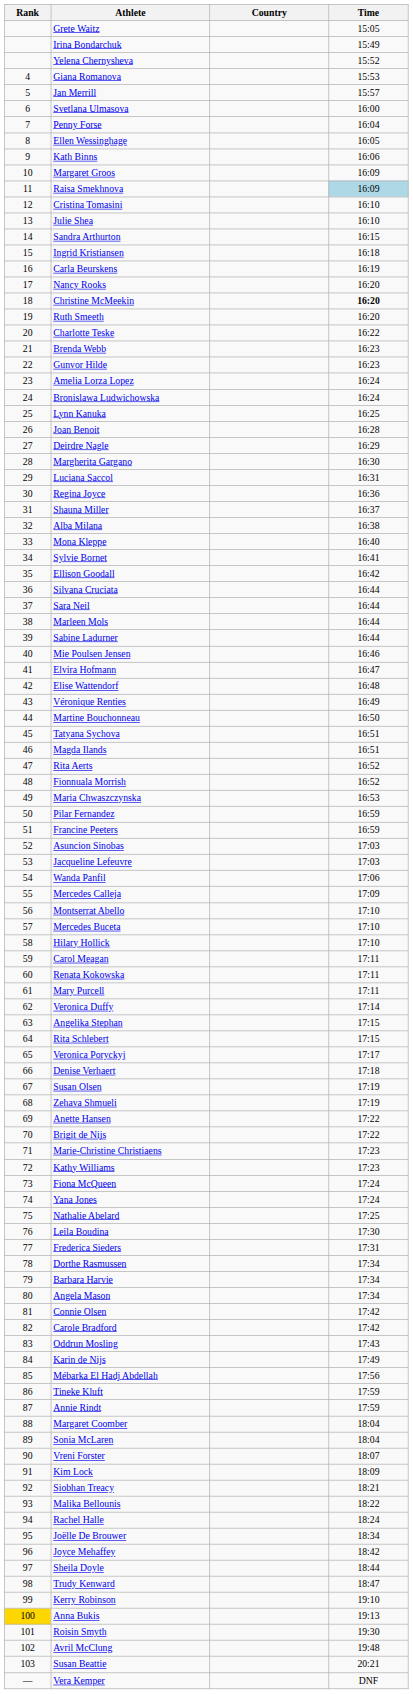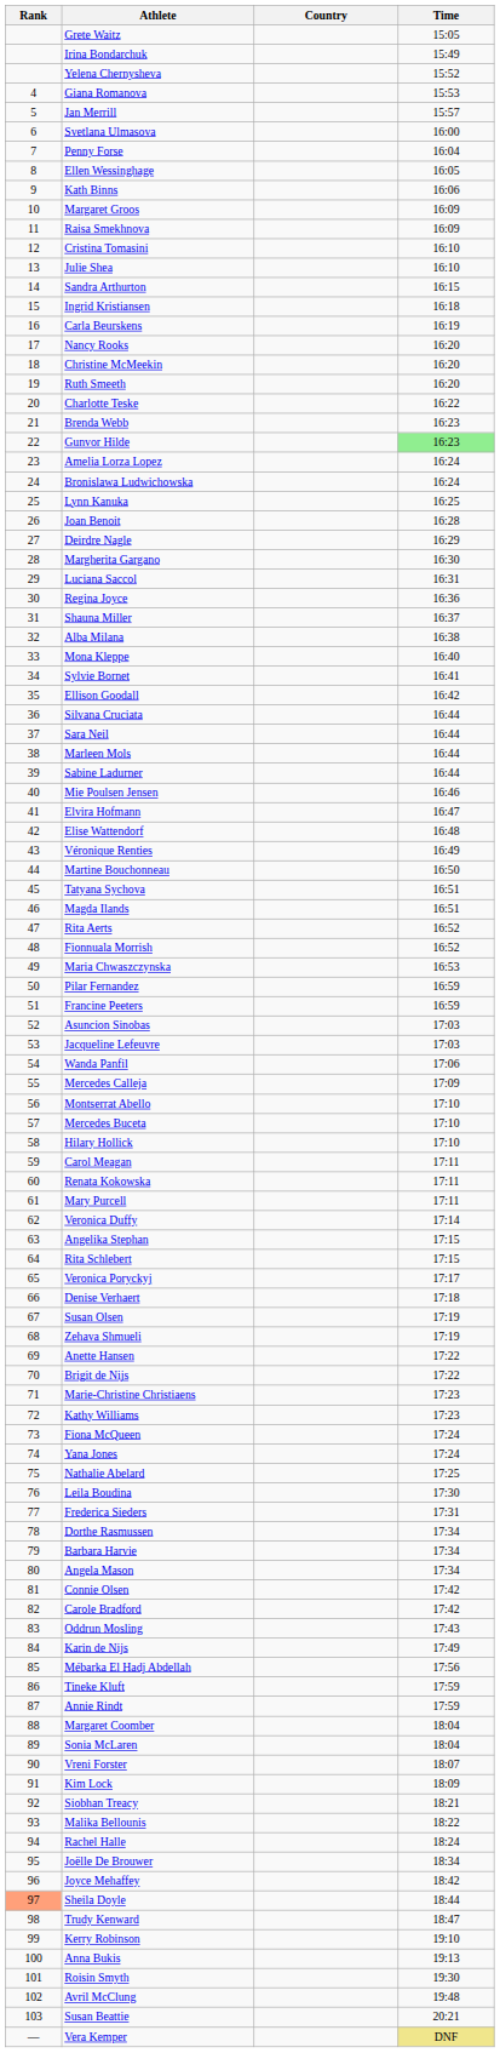 <table class="wikitable sortable" style=" text-align:center; font-size:95%;" width="50%">
 <tr>
 <th width=5%>Rank</th>
 <th width=20%>Athlete</th>
 <th width=15%>Country</th>
 <th width=10%>Time</th>
 </tr>
 <tr>
 <td align=center></td>
 <td align=left><a href='#'>Grete Waitz</a></td>
 <td align=left></td>
 <td>15:05</td>
 </tr>
 <tr>
 <td align=center></td>
 <td align=left><a href='#'>Irina Bondarchuk</a></td>
 <td align=left></td>
 <td>15:49</td>
 </tr>
 <tr>
 <td align=center></td>
 <td align=left><a href='#'>Yelena Chernysheva</a></td>
 <td align=left></td>
 <td>15:52</td>
 </tr>
 <tr>
 <td align=center>4</td>
 <td align=left><a href='#'>Giana Romanova</a></td>
 <td align=left></td>
 <td>15:53</td>
 </tr>
 <tr>
 <td align=center>5</td>
 <td align=left><a href='#'>Jan Merrill</a></td>
 <td align=left></td>
 <td>15:57</td>
 </tr>
 <tr>
 <td align=center>6</td>
 <td align=left><a href='#'>Svetlana Ulmasova</a></td>
 <td align=left></td>
 <td>16:00</td>
 </tr>
 <tr>
 <td align=center>7</td>
 <td align=left><a href='#'>Penny Forse</a></td>
 <td align=left></td>
 <td>16:04</td>
 </tr>
 <tr>
 <td align=center>8</td>
 <td align=left><a href='#'>Ellen Wessinghage</a></td>
 <td align=left></td>
 <td>16:05</td>
 </tr>
 <tr>
 <td align=center>9</td>
 <td align=left><a href='#'>Kath Binns</a></td>
 <td align=left></td>
 <td>16:06</td>
 </tr>
 <tr>
 <td align=center>10</td>
 <td align=left><a href='#'>Margaret Groos</a></td>
 <td align=left></td>
 <td>16:09</td>
 </tr>
 <tr>
 <td align=center>11</td>
 <td align=left><a href='#'>Raisa Smekhnova</a></td>
 <td align=left></td>
-<td style="background: lightblue;">16:09</td>
+<td>16:09</td>
 </tr>
 <tr>
 <td align=center>12</td>
 <td align=left><a href='#'>Cristina Tomasini</a></td>
 <td align=left></td>
 <td>16:10</td>
 </tr>
 <tr>
 <td align=center>13</td>
 <td align=left><a href='#'>Julie Shea</a></td>
 <td align=left></td>
 <td>16:10</td>
 </tr>
 <tr>
 <td align=center>14</td>
 <td align=left><a href='#'>Sandra Arthurton</a></td>
 <td align=left></td>
 <td>16:15</td>
 </tr>
 <tr>
 <td align=center>15</td>
 <td align=left><a href='#'>Ingrid Kristiansen</a></td>
 <td align=left></td>
 <td>16:18</td>
 </tr>
 <tr>
 <td align=center>16</td>
 <td align=left><a href='#'>Carla Beurskens</a></td>
 <td align=left></td>
 <td>16:19</td>
 </tr>
 <tr>
 <td align=center>17</td>
 <td align=left><a href='#'>Nancy Rooks</a></td>
 <td align=left></td>
 <td>16:20</td>
 </tr>
 <tr>
 <td align=center>18</td>
 <td align=left><a href='#'>Christine McMeekin</a></td>
 <td align=left></td>
-<td><strong>16:20</strong></td>
+<td>16:20</td>
 </tr>
 <tr>
 <td align=center>19</td>
 <td align=left><a href='#'>Ruth Smeeth</a></td>
 <td align=left></td>
 <td>16:20</td>
 </tr>
 <tr>
 <td align=center>20</td>
 <td align=left><a href='#'>Charlotte Teske</a></td>
 <td align=left></td>
 <td>16:22</td>
 </tr>
 <tr>
 <td align=center>21</td>
 <td align=left><a href='#'>Brenda Webb</a></td>
 <td align=left></td>
 <td>16:23</td>
 </tr>
 <tr>
 <td align=center>22</td>
 <td align=left><a href='#'>Gunvor Hilde</a></td>
 <td align=left></td>
-<td>16:23</td>
+<td style="background: lightgreen;">16:23</td>
 </tr>
 <tr>
 <td align=center>23</td>
 <td align=left><a href='#'>Amelia Lorza Lopez</a></td>
 <td align=left></td>
 <td>16:24</td>
 </tr>
 <tr>
 <td align=center>24</td>
 <td align=left><a href='#'>Bronislawa Ludwichowska</a></td>
 <td align=left></td>
 <td>16:24</td>
 </tr>
 <tr>
 <td align=center>25</td>
 <td align=left><a href='#'>Lynn Kanuka</a></td>
 <td align=left></td>
 <td>16:25</td>
 </tr>
 <tr>
 <td align=center>26</td>
 <td align=left><a href='#'>Joan Benoit</a></td>
 <td align=left></td>
 <td>16:28</td>
 </tr>
 <tr>
 <td align=center>27</td>
 <td align=left><a href='#'>Deirdre Nagle</a></td>
 <td align=left></td>
 <td>16:29</td>
 </tr>
 <tr>
 <td align=center>28</td>
 <td align=left><a href='#'>Margherita Gargano</a></td>
 <td align=left></td>
 <td>16:30</td>
 </tr>
 <tr>
 <td align=center>29</td>
 <td align=left><a href='#'>Luciana Saccol</a></td>
 <td align=left></td>
 <td>16:31</td>
 </tr>
 <tr>
 <td align=center>30</td>
 <td align=left><a href='#'>Regina Joyce</a></td>
 <td align=left></td>
 <td>16:36</td>
 </tr>
 <tr>
 <td align=center>31</td>
 <td align=left><a href='#'>Shauna Miller</a></td>
 <td align=left></td>
 <td>16:37</td>
 </tr>
 <tr>
 <td align=center>32</td>
 <td align=left><a href='#'>Alba Milana</a></td>
 <td align=left></td>
 <td>16:38</td>
 </tr>
 <tr>
 <td align=center>33</td>
 <td align=left><a href='#'>Mona Kleppe</a></td>
 <td align=left></td>
 <td>16:40</td>
 </tr>
 <tr>
 <td align=center>34</td>
 <td align=left><a href='#'>Sylvie Bornet</a></td>
 <td align=left></td>
 <td>16:41</td>
 </tr>
 <tr>
 <td align=center>35</td>
 <td align=left><a href='#'>Ellison Goodall</a></td>
 <td align=left></td>
 <td>16:42</td>
 </tr>
 <tr>
 <td align=center>36</td>
 <td align=left><a href='#'>Silvana Cruciata</a></td>
 <td align=left></td>
 <td>16:44</td>
 </tr>
 <tr>
 <td align=center>37</td>
 <td align=left><a href='#'>Sara Neil</a></td>
 <td align=left></td>
 <td>16:44</td>
 </tr>
 <tr>
 <td align=center>38</td>
 <td align=left><a href='#'>Marleen Mols</a></td>
 <td align=left></td>
 <td>16:44</td>
 </tr>
 <tr>
 <td align=center>39</td>
 <td align=left><a href='#'>Sabine Ladurner</a></td>
 <td align=left></td>
 <td>16:44</td>
 </tr>
 <tr>
 <td align=center>40</td>
 <td align=left><a href='#'>Mie Poulsen Jensen</a></td>
 <td align=left></td>
 <td>16:46</td>
 </tr>
 <tr>
 <td align=center>41</td>
 <td align=left><a href='#'>Elvira Hofmann</a></td>
 <td align=left></td>
 <td>16:47</td>
 </tr>
 <tr>
 <td align=center>42</td>
 <td align=left><a href='#'>Elise Wattendorf</a></td>
 <td align=left></td>
 <td>16:48</td>
 </tr>
 <tr>
 <td align=center>43</td>
 <td align=left><a href='#'>Véronique Renties</a></td>
 <td align=left></td>
 <td>16:49</td>
 </tr>
 <tr>
 <td align=center>44</td>
 <td align=left><a href='#'>Martine Bouchonneau</a></td>
 <td align=left></td>
 <td>16:50</td>
 </tr>
 <tr>
 <td align=center>45</td>
 <td align=left><a href='#'>Tatyana Sychova</a></td>
 <td align=left></td>
 <td>16:51</td>
 </tr>
 <tr>
 <td align=center>46</td>
 <td align=left><a href='#'>Magda Ilands</a></td>
 <td align=left></td>
 <td>16:51</td>
 </tr>
 <tr>
 <td align=center>47</td>
 <td align=left><a href='#'>Rita Aerts</a></td>
 <td align=left></td>
 <td>16:52</td>
 </tr>
 <tr>
 <td align=center>48</td>
 <td align=left><a href='#'>Fionnuala Morrish</a></td>
 <td align=left></td>
 <td>16:52</td>
 </tr>
 <tr>
 <td align=center>49</td>
 <td align=left><a href='#'>Maria Chwaszczynska</a></td>
 <td align=left></td>
 <td>16:53</td>
 </tr>
 <tr>
 <td align=center>50</td>
 <td align=left><a href='#'>Pilar Fernandez</a></td>
 <td align=left></td>
 <td>16:59</td>
 </tr>
 <tr>
 <td align=center>51</td>
 <td align=left><a href='#'>Francine Peeters</a></td>
 <td align=left></td>
 <td>16:59</td>
 </tr>
 <tr>
 <td align=center>52</td>
 <td align=left><a href='#'>Asuncion Sinobas</a></td>
 <td align=left></td>
 <td>17:03</td>
 </tr>
 <tr>
 <td align=center>53</td>
 <td align=left><a href='#'>Jacqueline Lefeuvre</a></td>
 <td align=left></td>
 <td>17:03</td>
 </tr>
 <tr>
 <td align=center>54</td>
 <td align=left><a href='#'>Wanda Panfil</a></td>
 <td align=left></td>
 <td>17:06</td>
 </tr>
 <tr>
 <td align=center>55</td>
 <td align=left><a href='#'>Mercedes Calleja</a></td>
 <td align=left></td>
 <td>17:09</td>
 </tr>
 <tr>
 <td align=center>56</td>
 <td align=left><a href='#'>Montserrat Abello</a></td>
 <td align=left></td>
 <td>17:10</td>
 </tr>
 <tr>
 <td align=center>57</td>
 <td align=left><a href='#'>Mercedes Buceta</a></td>
 <td align=left></td>
 <td>17:10</td>
 </tr>
 <tr>
 <td align=center>58</td>
 <td align=left><a href='#'>Hilary Hollick</a></td>
 <td align=left></td>
 <td>17:10</td>
 </tr>
 <tr>
 <td align=center>59</td>
 <td align=left><a href='#'>Carol Meagan</a></td>
 <td align=left></td>
 <td>17:11</td>
 </tr>
 <tr>
 <td align=center>60</td>
 <td align=left><a href='#'>Renata Kokowska</a></td>
 <td align=left></td>
 <td>17:11</td>
 </tr>
 <tr>
 <td align=center>61</td>
 <td align=left><a href='#'>Mary Purcell</a></td>
 <td align=left></td>
 <td>17:11</td>
 </tr>
 <tr>
 <td align=center>62</td>
 <td align=left><a href='#'>Veronica Duffy</a></td>
 <td align=left></td>
 <td>17:14</td>
 </tr>
 <tr>
 <td align=center>63</td>
 <td align=left><a href='#'>Angelika Stephan</a></td>
 <td align=left></td>
 <td>17:15</td>
 </tr>
 <tr>
 <td align=center>64</td>
 <td align=left><a href='#'>Rita Schlebert</a></td>
 <td align=left></td>
 <td>17:15</td>
 </tr>
 <tr>
 <td align=center>65</td>
 <td align=left><a href='#'>Veronica Poryckyj</a></td>
 <td align=left></td>
 <td>17:17</td>
 </tr>
 <tr>
 <td align=center>66</td>
 <td align=left><a href='#'>Denise Verhaert</a></td>
 <td align=left></td>
 <td>17:18</td>
 </tr>
 <tr>
 <td align=center>67</td>
 <td align=left><a href='#'>Susan Olsen</a></td>
 <td align=left></td>
 <td>17:19</td>
 </tr>
 <tr>
 <td align=center>68</td>
 <td align=left><a href='#'>Zehava Shmueli</a></td>
 <td align=left></td>
 <td>17:19</td>
 </tr>
 <tr>
 <td align=center>69</td>
 <td align=left><a href='#'>Anette Hansen</a></td>
 <td align=left></td>
 <td>17:22</td>
 </tr>
 <tr>
 <td align=center>70</td>
 <td align=left><a href='#'>Brigit de Nijs</a></td>
 <td align=left></td>
 <td>17:22</td>
 </tr>
 <tr>
 <td align=center>71</td>
 <td align=left><a href='#'>Marie-Christine Christiaens</a></td>
 <td align=left></td>
 <td>17:23</td>
 </tr>
 <tr>
 <td align=center>72</td>
 <td align=left><a href='#'>Kathy Williams</a></td>
 <td align=left></td>
 <td>17:23</td>
 </tr>
 <tr>
 <td align=center>73</td>
 <td align=left><a href='#'>Fiona McQueen</a></td>
 <td align=left></td>
 <td>17:24</td>
 </tr>
 <tr>
 <td align=center>74</td>
 <td align=left><a href='#'>Yana Jones</a></td>
 <td align=left></td>
 <td>17:24</td>
 </tr>
 <tr>
 <td align=center>75</td>
 <td align=left><a href='#'>Nathalie Abelard</a></td>
 <td align=left></td>
 <td>17:25</td>
 </tr>
 <tr>
 <td align=center>76</td>
 <td align=left><a href='#'>Leila Boudina</a></td>
 <td align=left></td>
 <td>17:30</td>
 </tr>
 <tr>
 <td align=center>77</td>
 <td align=left><a href='#'>Frederica Sieders</a></td>
 <td align=left></td>
 <td>17:31</td>
 </tr>
 <tr>
 <td align=center>78</td>
 <td align=left><a href='#'>Dorthe Rasmussen</a></td>
 <td align=left></td>
 <td>17:34</td>
 </tr>
 <tr>
 <td align=center>79</td>
 <td align=left><a href='#'>Barbara Harvie</a></td>
 <td align=left></td>
 <td>17:34</td>
 </tr>
 <tr>
 <td align=center>80</td>
 <td align=left><a href='#'>Angela Mason</a></td>
 <td align=left></td>
 <td>17:34</td>
 </tr>
 <tr>
 <td align=center>81</td>
 <td align=left><a href='#'>Connie Olsen</a></td>
 <td align=left></td>
 <td>17:42</td>
 </tr>
 <tr>
 <td align=center>82</td>
 <td align=left><a href='#'>Carole Bradford</a></td>
 <td align=left></td>
 <td>17:42</td>
 </tr>
 <tr>
 <td align=center>83</td>
 <td align=left><a href='#'>Oddrun Mosling</a></td>
 <td align=left></td>
 <td>17:43</td>
 </tr>
 <tr>
 <td align=center>84</td>
 <td align=left><a href='#'>Karin de Nijs</a></td>
 <td align=left></td>
 <td>17:49</td>
 </tr>
 <tr>
 <td align=center>85</td>
 <td align=left><a href='#'>Mébarka El Hadj Abdellah</a></td>
 <td align=left></td>
 <td>17:56</td>
 </tr>
 <tr>
 <td align=center>86</td>
 <td align=left><a href='#'>Tineke Kluft</a></td>
 <td align=left></td>
 <td>17:59</td>
 </tr>
 <tr>
 <td align=center>87</td>
 <td align=left><a href='#'>Annie Rindt</a></td>
 <td align=left></td>
 <td>17:59</td>
 </tr>
 <tr>
 <td align=center>88</td>
 <td align=left><a href='#'>Margaret Coomber</a></td>
 <td align=left></td>
 <td>18:04</td>
 </tr>
 <tr>
 <td align=center>89</td>
 <td align=left><a href='#'>Sonia McLaren</a></td>
 <td align=left></td>
 <td>18:04</td>
 </tr>
 <tr>
 <td align=center>90</td>
 <td align=left><a href='#'>Vreni Forster</a></td>
 <td align=left></td>
 <td>18:07</td>
 </tr>
 <tr>
 <td align=center>91</td>
 <td align=left><a href='#'>Kim Lock</a></td>
 <td align=left></td>
 <td>18:09</td>
 </tr>
 <tr>
 <td align=center>92</td>
 <td align=left><a href='#'>Siobhan Treacy</a></td>
 <td align=left></td>
 <td>18:21</td>
 </tr>
 <tr>
 <td align=center>93</td>
 <td align=left><a href='#'>Malika Bellounis</a></td>
 <td align=left></td>
 <td>18:22</td>
 </tr>
 <tr>
 <td align=center>94</td>
 <td align=left><a href='#'>Rachel Halle</a></td>
 <td align=left></td>
 <td>18:24</td>
 </tr>
 <tr>
 <td align=center>95</td>
 <td align=left><a href='#'>Joëlle De Brouwer</a></td>
 <td align=left></td>
 <td>18:34</td>
 </tr>
 <tr>
 <td align=center>96</td>
 <td align=left><a href='#'>Joyce Mehaffey</a></td>
 <td align=left></td>
 <td>18:42</td>
 </tr>
 <tr>
-<td align=center>97</td>
+<td align=center style="background: lightsalmon;">97</td>
 <td align=left><a href='#'>Sheila Doyle</a></td>
 <td align=left></td>
 <td>18:44</td>
 </tr>
 <tr>
 <td align=center>98</td>
 <td align=left><a href='#'>Trudy Kenward</a></td>
 <td align=left></td>
 <td>18:47</td>
 </tr>
 <tr>
 <td align=center>99</td>
 <td align=left><a href='#'>Kerry Robinson</a></td>
 <td align=left></td>
 <td>19:10</td>
 </tr>
 <tr>
-<td align=center style="background: gold;">100</td>
+<td align=center>100</td>
 <td align=left><a href='#'>Anna Bukis</a></td>
 <td align=left></td>
 <td>19:13</td>
 </tr>
 <tr>
 <td align=center>101</td>
 <td align=left><a href='#'>Roisin Smyth</a></td>
 <td align=left></td>
 <td>19:30</td>
 </tr>
 <tr>
 <td align=center>102</td>
 <td align=left><a href='#'>Avril McClung</a></td>
 <td align=left></td>
 <td>19:48</td>
 </tr>
 <tr>
 <td align=center>103</td>
 <td align=left><a href='#'>Susan Beattie</a></td>
 <td align=left></td>
 <td>20:21</td>
 </tr>
 <tr>
 <td align=center>—</td>
 <td align=left><a href='#'>Vera Kemper</a></td>
 <td align=left></td>
-<td>DNF</td>
+<td style="background: khaki;">DNF</td>
 </tr>
 </table>
